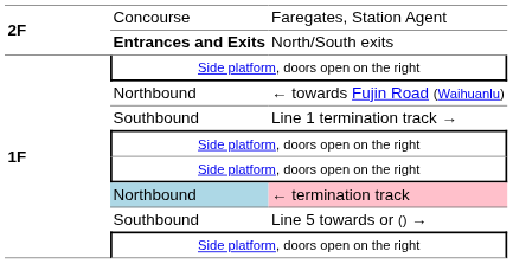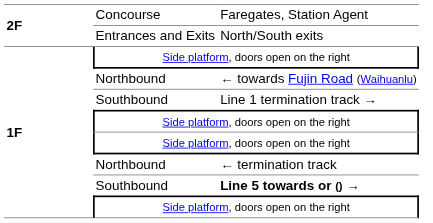 <table cellspacing=0 cellpadding=3>
 <tr>
 <td style="border-top:solid 1px gray;border-bottom:solid 1px gray;"  rowspan=2 width=100><strong>2F</strong></td>
 <td style="border-top:solid 1px gray;border-bottom:solid 1px gray;">Concourse</td>
 <td style="border-top:solid 1px gray;border-bottom:solid 1px gray;">Faregates, Station Agent</td>
 </tr>
 <tr>
-<td style="border-bottom:solid 1px gray;"><strong>Entrances and Exits</strong></td>
+<td style="border-bottom:solid 1px gray;">Entrances and Exits</td>
 <td style="border-bottom:solid 1px gray;">North/South exits</td>
 </tr>
 <tr>
 <td style="border-bottom:solid 1px gray;" rowspan=8><strong>1F</strong></td>
 <td style="border-right:solid 2px black;border-left:solid 2px black;border-bottom:solid 2px black;text-align:center;" colspan=2><small><a href='#'>Side platform</a>, doors open on the right</small></td>
 </tr>
 <tr>
 <td style="border-bottom:solid 1px gray;">Northbound</td>
 <td style="border-bottom:solid 1px gray;">←  towards <a href='#'>Fujin Road</a> <small>(<a href='#'>Waihuanlu</a>)</small></td>
 </tr>
 <tr>
 <td>Southbound</td>
 <td>  Line 1 termination track →</td>
 </tr>
 <tr>
 <td style="border-right:solid 2px black;border-left:solid 2px black;border-top:solid 2px black;border-bottom:solid 1px gray;text-align:center;" colspan=2><small><a href='#'>Side platform</a>, doors open on the right</small></td>
 </tr>
 <tr>
 <td style="border-right:solid 2px black;border-left:solid 2px black;border-bottom:solid 2px black;text-align:center;" colspan=2><small><a href='#'>Side platform</a>, doors open on the right</small></td>
 </tr>
 <tr>
-<td style="background: lightblue; border-bottom:solid 1px gray;">Northbound</td>
-<td style="background: pink; border-bottom:solid 1px gray;">←  termination track</td>
+<td style="border-bottom:solid 1px gray;">Northbound</td>
+<td style="border-bottom:solid 1px gray;">←  termination track</td>
 </tr>
 <tr>
 <td>Southbound</td>
-<td>  Line 5 towards  or  <small>()</small> →</td>
+<td><strong>  Line 5 towards  or  <small>()</small> →</strong></td>
 </tr>
 <tr>
 <td style="border-right:solid 2px black;border-left:solid 2px black;border-top:solid 2px black;border-bottom:solid 1px gray;text-align:center;" colspan=2><small><a href='#'>Side platform</a>, doors open on the right</small></td>
 </tr>
 </table>
